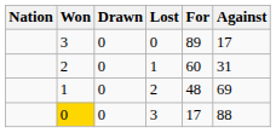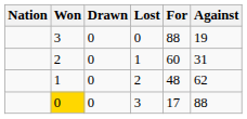 <table class="wikitable">
 <tr>
 <th>Nation</th>
 <th>Won</th>
 <th>Drawn</th>
 <th>Lost</th>
 <th>For</th>
 <th>Against</th>
 </tr>
 <tr>
 <td></td>
 <td>3</td>
 <td>0</td>
 <td>0</td>
-<td>89</td>
-<td>17</td>
+<td>88</td>
+<td>19</td>
 </tr>
 <tr>
 <td></td>
 <td>2</td>
 <td>0</td>
 <td>1</td>
 <td>60</td>
 <td>31</td>
 </tr>
 <tr>
 <td></td>
 <td>1</td>
 <td>0</td>
 <td>2</td>
 <td>48</td>
-<td>69</td>
+<td>62</td>
 </tr>
 <tr>
 <td></td>
 <td style="background: gold;">0</td>
 <td>0</td>
 <td>3</td>
 <td>17</td>
 <td>88</td>
 </tr>
 </table>
